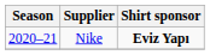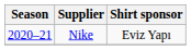 <table class="wikitable" style="text-align: center;">
 <tr>
 <th>Season</th>
 <th>Supplier</th>
 <th>Shirt sponsor</th>
 </tr>
 <tr>
 <td><a href='#'>2020–21</a></td>
 <td><a href='#'>Nike</a></td>
-<td><strong>Eviz Yapı</strong></td>
+<td>Eviz Yapı</td>
 </tr>
 <tr>
 </tr>
 </table>
